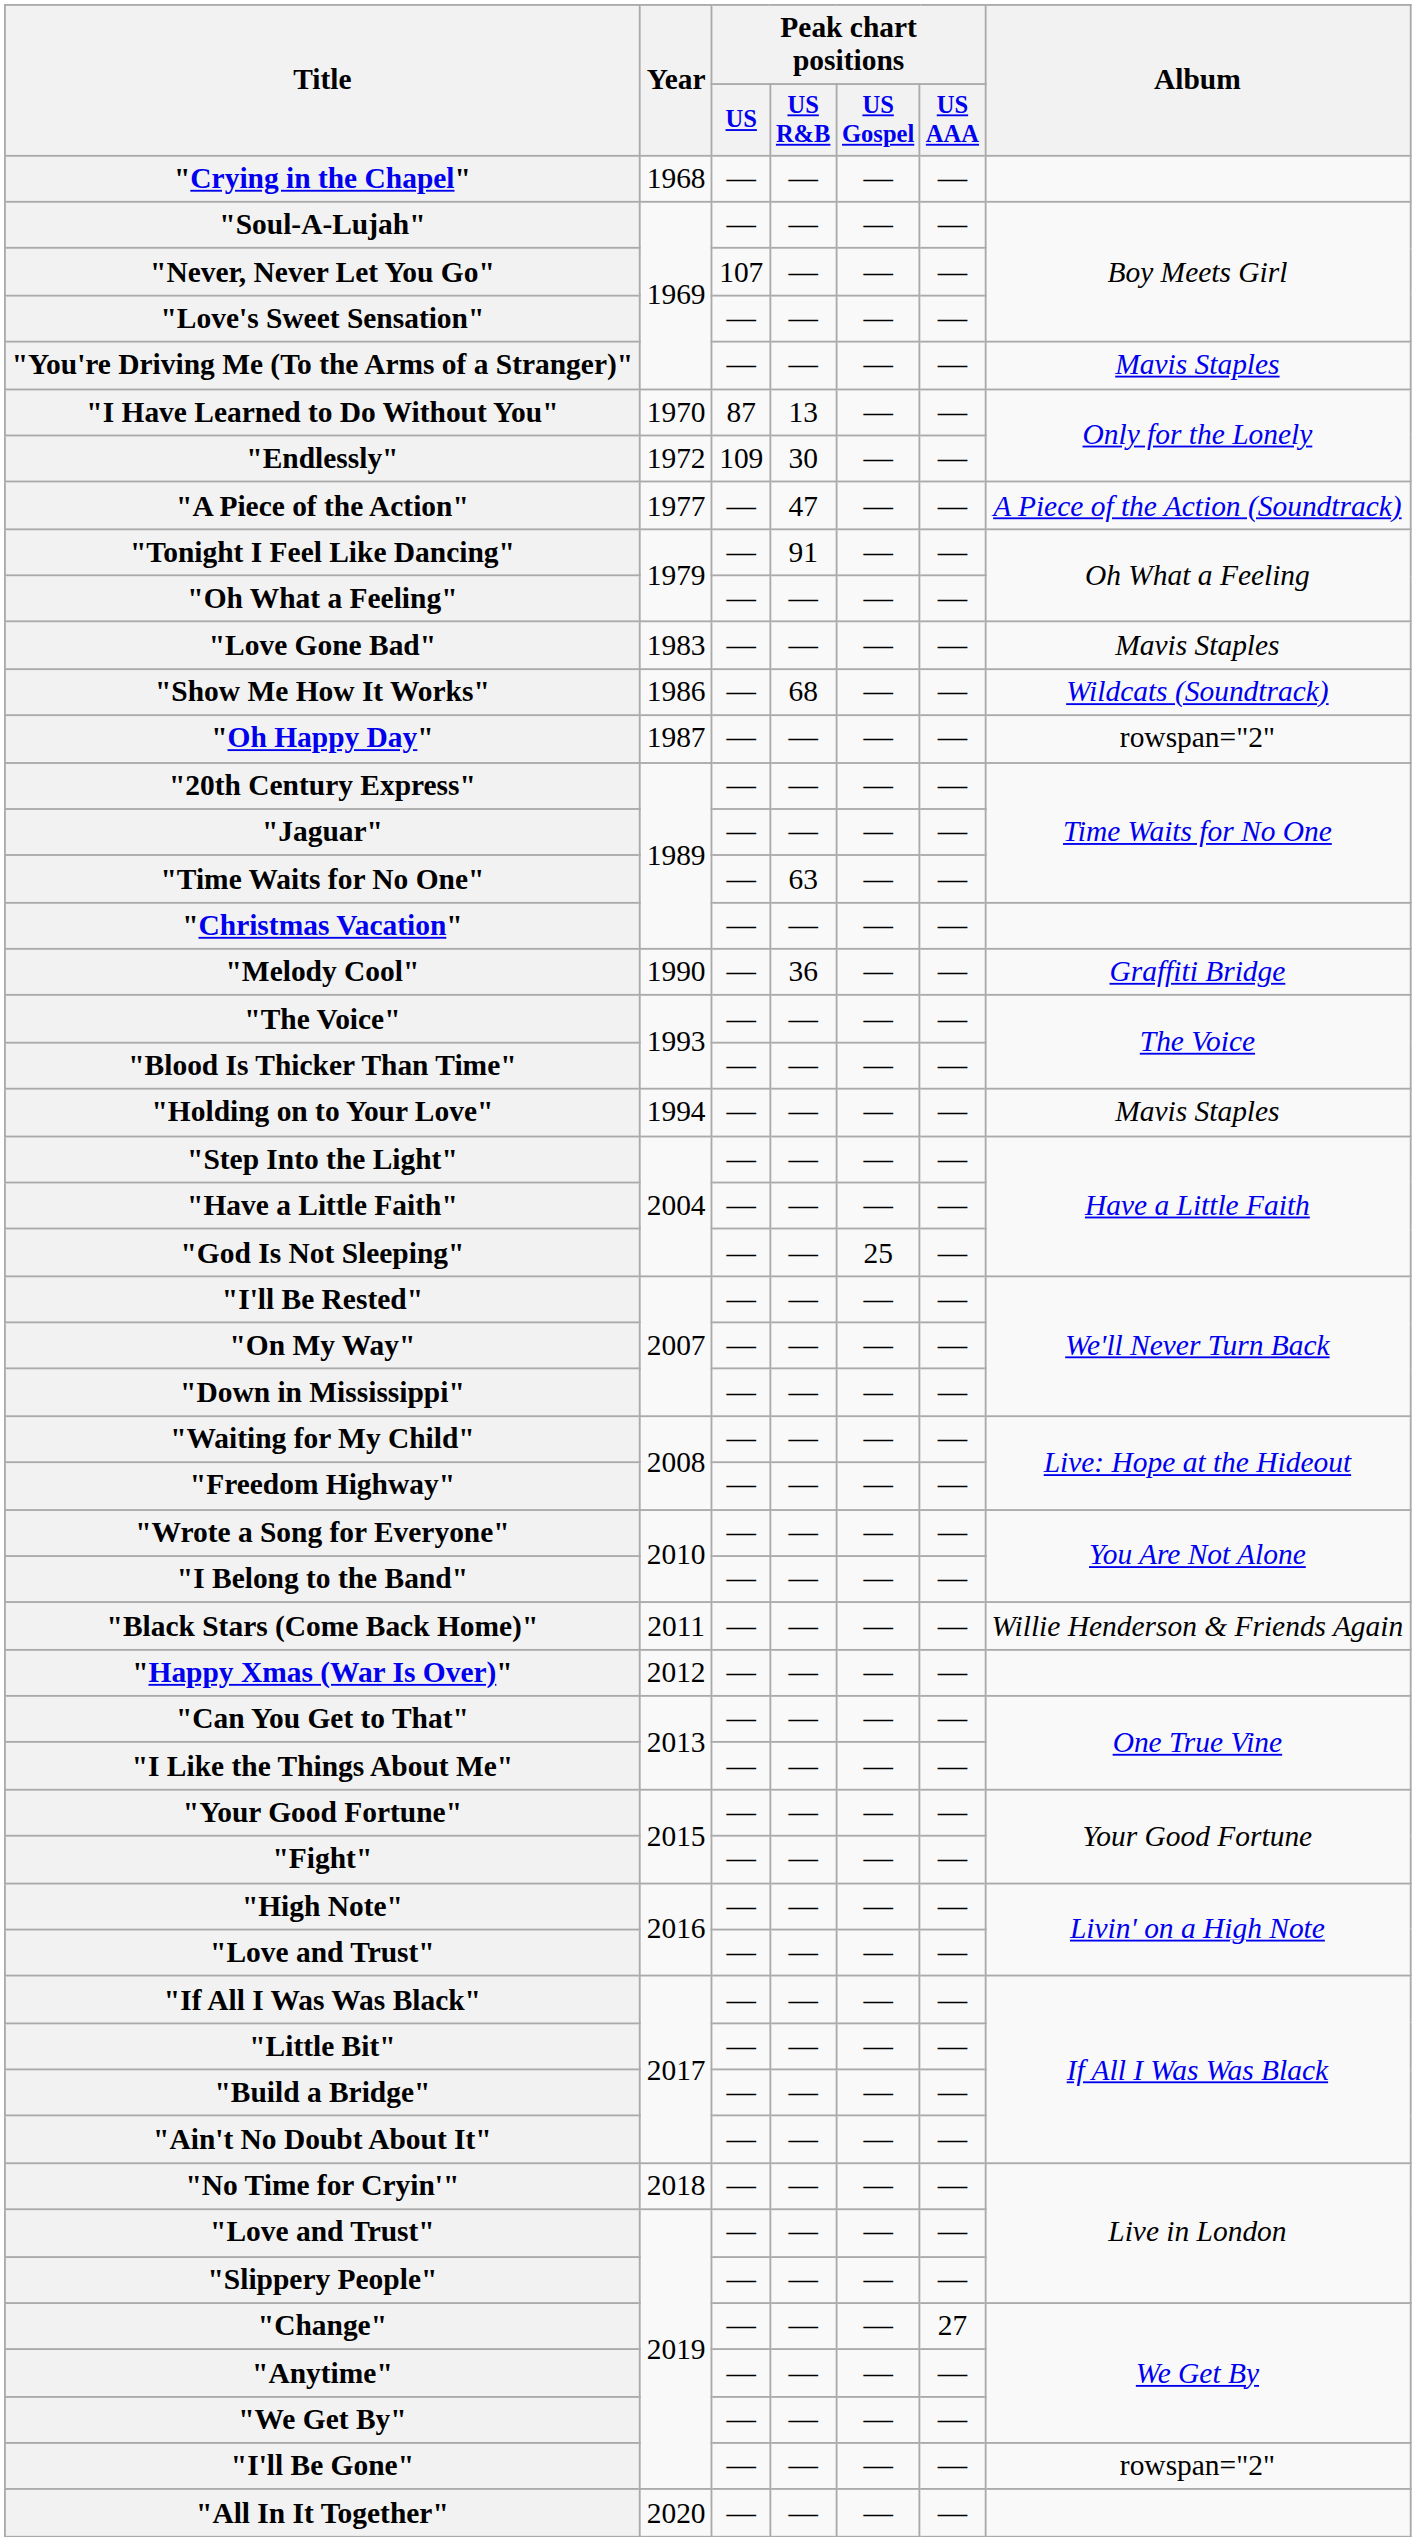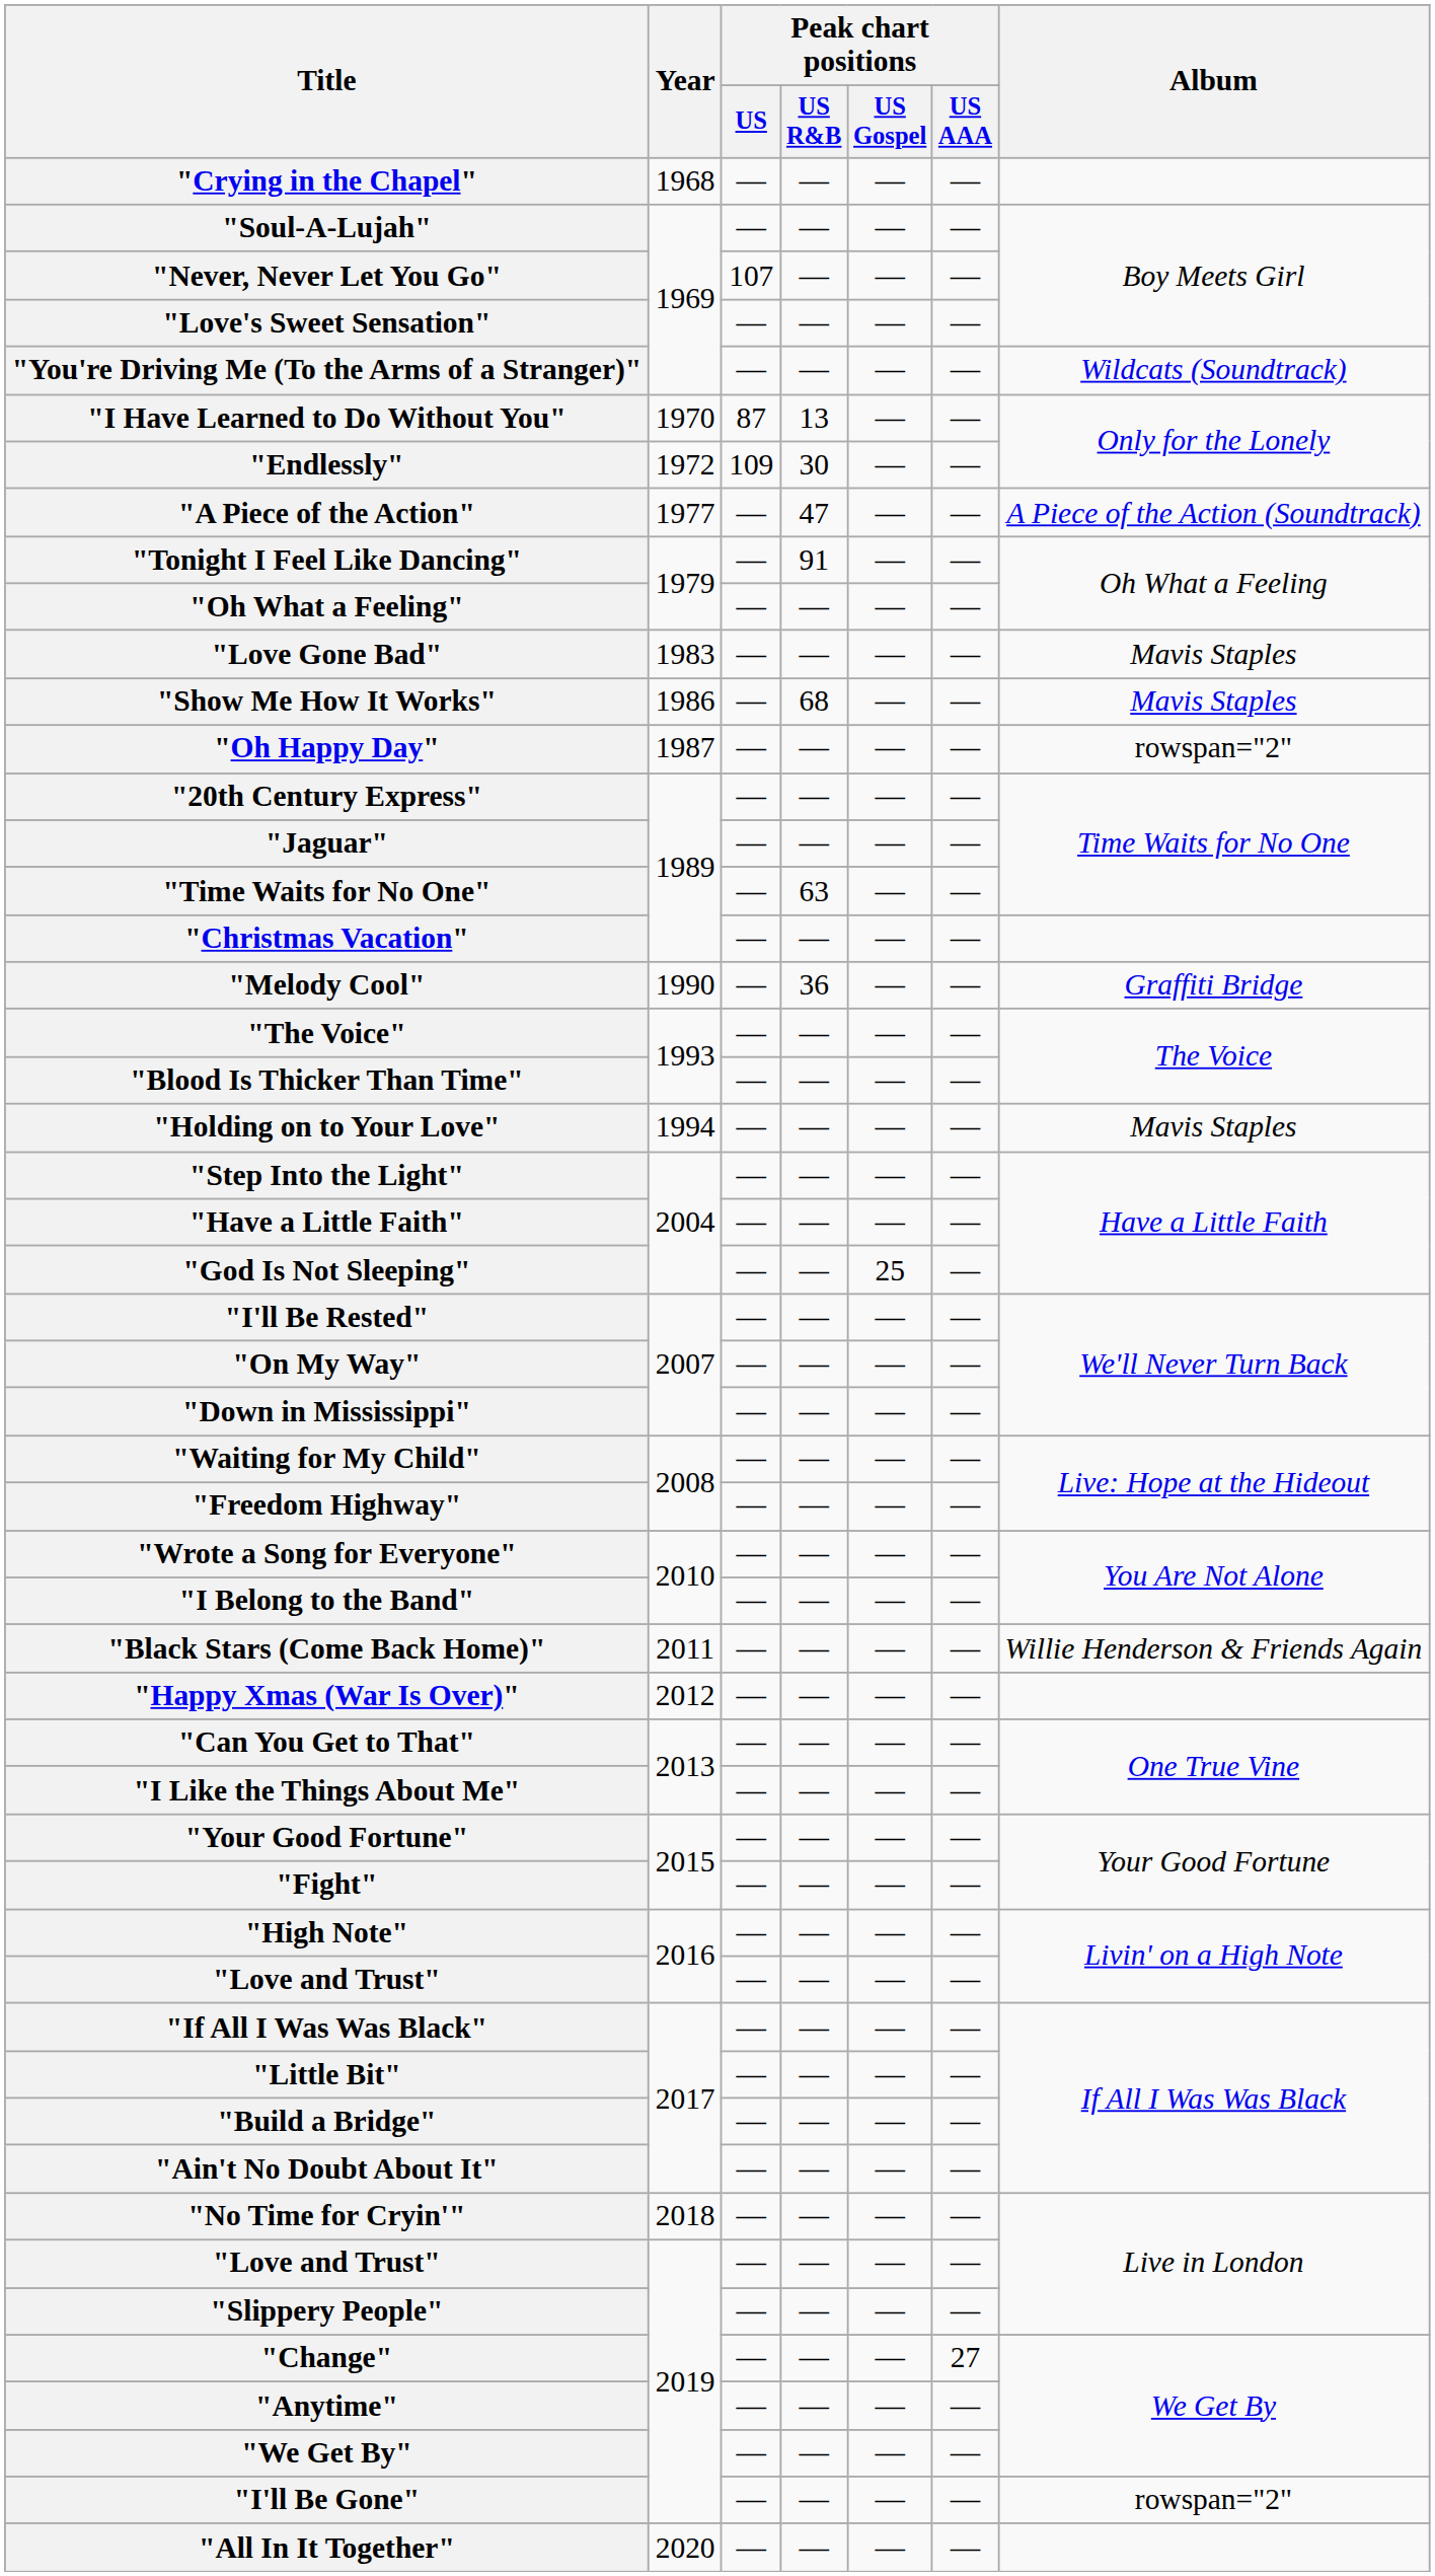 <table class="wikitable plainrowheaders" style="text-align:center;">
 <tr>
 <th rowspan = "2">Title</th>
 <th rowspan = "2">Year</th>
 <th colspan = "4">Peak chart<br>positions</th>
 <th rowspan = "2">Album</th>
 </tr>
 <tr style="font-size:smaller;">
 <th><a href='#'>US</a><br></th>
 <th><a href='#'>US<br>R&B</a><br></th>
 <th><a href='#'>US<br>Gospel</a><br></th>
 <th><a href='#'>US<br>AAA</a><br></th>
 </tr>
 <tr>
 <th scope = "row">"<a href='#'>Crying in the Chapel</a>" </th>
 <td>1968</td>
 <td>—</td>
 <td>—</td>
 <td>—</td>
 <td>—</td>
 <td></td>
 </tr>
 <tr>
 <th scope = "row">"Soul-A-Lujah" </th>
 <td rowspan = "4">1969</td>
 <td>—</td>
 <td>—</td>
 <td>—</td>
 <td>—</td>
 <td rowspan = "3"><em>Boy Meets Girl</em></td>
 </tr>
 <tr>
 <th scope = "row">"Never, Never Let You Go" </th>
 <td>107</td>
 <td>—</td>
 <td>—</td>
 <td>—</td>
 </tr>
 <tr>
 <th scope = "row">"Love's Sweet Sensation" </th>
 <td>—</td>
 <td>—</td>
 <td>—</td>
 <td>—</td>
 </tr>
 <tr>
 <th scope = "row">"You're Driving Me (To the Arms of a Stranger)"</th>
 <td>—</td>
 <td>—</td>
 <td>—</td>
 <td>—</td>
-<td><em><a href='#'>Mavis Staples</a></em></td>
+<td><em><a href='#'>Wildcats (Soundtrack)</a></em></td>
 </tr>
 <tr>
 <th scope = "row">"I Have Learned to Do Without You"</th>
 <td>1970</td>
 <td>87</td>
 <td>13</td>
 <td>—</td>
 <td>—</td>
 <td rowspan = "2"><em><a href='#'>Only for the Lonely</a></em></td>
 </tr>
 <tr>
 <th scope = "row">"Endlessly"</th>
 <td>1972</td>
 <td>109</td>
 <td>30</td>
 <td>—</td>
 <td>—</td>
 </tr>
 <tr>
 <th scope = "row">"A Piece of the Action"</th>
 <td>1977</td>
 <td>—</td>
 <td>47</td>
 <td>—</td>
 <td>—</td>
 <td><em><a href='#'>A Piece of the Action (Soundtrack)</a></em></td>
 </tr>
 <tr>
 <th scope = "row">"Tonight I Feel Like Dancing"</th>
 <td rowspan = "2">1979</td>
 <td>—</td>
 <td>91</td>
 <td>—</td>
 <td>—</td>
 <td rowspan = "2"><em>Oh What a Feeling</em></td>
 </tr>
 <tr>
 <th scope = "row">"Oh What a Feeling"</th>
 <td>—</td>
 <td>—</td>
 <td>—</td>
 <td>—</td>
 </tr>
 <tr>
 <th scope = "row">"Love Gone Bad"</th>
 <td>1983</td>
 <td>—</td>
 <td>—</td>
 <td>—</td>
 <td>—</td>
 <td><em>Mavis Staples</em></td>
 </tr>
 <tr>
 <th scope = "row">"Show Me How It Works"</th>
 <td>1986</td>
 <td>—</td>
 <td>68</td>
 <td>—</td>
 <td>—</td>
-<td><em><a href='#'>Wildcats (Soundtrack)</a></em></td>
+<td><em><a href='#'>Mavis Staples</a></em></td>
 </tr>
 <tr>
 <th scope = "row">"<a href='#'>Oh Happy Day</a>" </th>
 <td>1987</td>
 <td>—</td>
 <td>—</td>
 <td>—</td>
 <td>—</td>
 <td>rowspan="2" </td>
 </tr>
 <tr>
 <th scope = "row">"20th Century Express"</th>
 <td rowspan = "4">1989</td>
 <td>—</td>
 <td>—</td>
 <td>—</td>
 <td>—</td>
 <td rowspan = "3"><em><a href='#'>Time Waits for No One</a></em></td>
 </tr>
 <tr>
 <th scope = "row">"Jaguar"</th>
 <td>—</td>
 <td>—</td>
 <td>—</td>
 <td>—</td>
 </tr>
 <tr>
 <th scope = "row">"Time Waits for No One"</th>
 <td>—</td>
 <td>63</td>
 <td>—</td>
 <td>—</td>
 </tr>
 <tr>
 <th scope = "row">"<a href='#'>Christmas Vacation</a>"</th>
 <td>—</td>
 <td>—</td>
 <td>—</td>
 <td>—</td>
 <td></td>
 </tr>
 <tr>
 <th scope = "row">"Melody Cool"</th>
 <td>1990</td>
 <td>—</td>
 <td>36</td>
 <td>—</td>
 <td>—</td>
 <td><em><a href='#'>Graffiti Bridge</a></em></td>
 </tr>
 <tr>
 <th scope = "row">"The Voice"</th>
 <td rowspan = "2">1993</td>
 <td>—</td>
 <td>—</td>
 <td>—</td>
 <td>—</td>
 <td rowspan = "2"><em><a href='#'>The Voice</a></em></td>
 </tr>
 <tr>
 <th scope = "row">"Blood Is Thicker Than Time"</th>
 <td>—</td>
 <td>—</td>
 <td>—</td>
 <td>—</td>
 </tr>
 <tr>
 <th scope = "row">"Holding on to Your Love"</th>
 <td>1994</td>
 <td>—</td>
 <td>—</td>
 <td>—</td>
 <td>—</td>
 <td><em>Mavis Staples</em></td>
 </tr>
 <tr>
 <th scope = "row">"Step Into the Light"</th>
 <td rowspan = "3">2004</td>
 <td>—</td>
 <td>—</td>
 <td>—</td>
 <td>—</td>
 <td rowspan = "3"><em><a href='#'>Have a Little Faith</a></em></td>
 </tr>
 <tr>
 <th scope = "row">"Have a Little Faith"</th>
 <td>—</td>
 <td>—</td>
 <td>—</td>
 <td>—</td>
 </tr>
 <tr>
 <th scope = "row">"God Is Not Sleeping"</th>
 <td>—</td>
 <td>—</td>
 <td>25</td>
 <td>—</td>
 </tr>
 <tr>
 <th scope = "row">"I'll Be Rested"</th>
 <td rowspan = "3">2007</td>
 <td>—</td>
 <td>—</td>
 <td>—</td>
 <td>—</td>
 <td rowspan = "3"><em><a href='#'>We'll Never Turn Back</a></em></td>
 </tr>
 <tr>
 <th scope = "row">"On My Way"</th>
 <td>—</td>
 <td>—</td>
 <td>—</td>
 <td>—</td>
 </tr>
 <tr>
 <th scope = "row">"Down in Mississippi"</th>
 <td>—</td>
 <td>—</td>
 <td>—</td>
 <td>—</td>
 </tr>
 <tr>
 <th scope = "row">"Waiting for My Child" </th>
 <td rowspan = "2">2008</td>
 <td>—</td>
 <td>—</td>
 <td>—</td>
 <td>—</td>
 <td rowspan = "2"><em><a href='#'>Live: Hope at the Hideout</a></em></td>
 </tr>
 <tr>
 <th scope = "row">"Freedom Highway" </th>
 <td>—</td>
 <td>—</td>
 <td>—</td>
 <td>—</td>
 </tr>
 <tr>
 <th scope = "row">"Wrote a Song for Everyone"</th>
 <td rowspan = "2">2010</td>
 <td>—</td>
 <td>—</td>
 <td>—</td>
 <td>—</td>
 <td rowspan = "2"><em><a href='#'>You Are Not Alone</a></em></td>
 </tr>
 <tr>
 <th scope = "row">"I Belong to the Band"</th>
 <td>—</td>
 <td>—</td>
 <td>—</td>
 <td>—</td>
 </tr>
 <tr>
 <th scope = "row">"Black Stars (Come Back Home)"</th>
 <td>2011</td>
 <td>—</td>
 <td>—</td>
 <td>—</td>
 <td>—</td>
 <td><em>Willie Henderson & Friends Again</em></td>
 </tr>
 <tr>
 <th scope = "row">"<a href='#'>Happy Xmas (War Is Over)</a>" </th>
 <td>2012</td>
 <td>—</td>
 <td>—</td>
 <td>—</td>
 <td>—</td>
 <td></td>
 </tr>
 <tr>
 <th scope = "row">"Can You Get to That"</th>
 <td rowspan = "2">2013</td>
 <td>—</td>
 <td>—</td>
 <td>—</td>
 <td>—</td>
 <td rowspan = "2"><em><a href='#'>One True Vine</a></em></td>
 </tr>
 <tr>
 <th scope = "row">"I Like the Things About Me"</th>
 <td>—</td>
 <td>—</td>
 <td>—</td>
 <td>—</td>
 </tr>
 <tr>
 <th scope = "row">"Your Good Fortune"</th>
 <td rowspan = "2">2015</td>
 <td>—</td>
 <td>—</td>
 <td>—</td>
 <td>—</td>
 <td rowspan = "2"><em>Your Good Fortune</em></td>
 </tr>
 <tr>
 <th scope = "row">"Fight"</th>
 <td>—</td>
 <td>—</td>
 <td>—</td>
 <td>—</td>
 </tr>
 <tr>
 <th scope = "row">"High Note"</th>
 <td rowspan = "2">2016</td>
 <td>—</td>
 <td>—</td>
 <td>—</td>
 <td>—</td>
 <td rowspan = "2"><em><a href='#'>Livin' on a High Note</a></em></td>
 </tr>
 <tr>
 <th scope = "row">"Love and Trust"</th>
 <td>—</td>
 <td>—</td>
 <td>—</td>
 <td>—</td>
 </tr>
 <tr>
 <th scope = "row">"If All I Was Was Black"</th>
 <td rowspan = "4">2017</td>
 <td>—</td>
 <td>—</td>
 <td>—</td>
 <td>—</td>
 <td rowspan = "4"><em><a href='#'>If All I Was Was Black</a></em></td>
 </tr>
 <tr>
 <th scope = "row">"Little Bit"</th>
 <td>—</td>
 <td>—</td>
 <td>—</td>
 <td>—</td>
 </tr>
 <tr>
 <th scope = "row">"Build a Bridge"</th>
 <td>—</td>
 <td>—</td>
 <td>—</td>
 <td>—</td>
 </tr>
 <tr>
 <th scope = "row">"Ain't No Doubt About It" </th>
 <td>—</td>
 <td>—</td>
 <td>—</td>
 <td>—</td>
 </tr>
 <tr>
 <th scope = "row">"No Time for Cryin'" </th>
 <td>2018</td>
 <td>—</td>
 <td>—</td>
 <td>—</td>
 <td>—</td>
 <td rowspan = "3"><em>Live in London</em></td>
 </tr>
 <tr>
 <th scope = "row">"Love and Trust" </th>
 <td rowspan = "6">2019</td>
 <td>—</td>
 <td>—</td>
 <td>—</td>
 <td>—</td>
 </tr>
 <tr>
 <th scope = "row">"Slippery People" </th>
 <td>—</td>
 <td>—</td>
 <td>—</td>
 <td>—</td>
 </tr>
 <tr>
 <th scope = "row">"Change"</th>
 <td>—</td>
 <td>—</td>
 <td>—</td>
 <td>27</td>
 <td rowspan = "3"><em><a href='#'>We Get By</a></em></td>
 </tr>
 <tr>
 <th scope = "row">"Anytime"</th>
 <td>—</td>
 <td>—</td>
 <td>—</td>
 <td>—</td>
 </tr>
 <tr>
 <th scope = "row">"We Get By" </th>
 <td>—</td>
 <td>—</td>
 <td>—</td>
 <td>—</td>
 </tr>
 <tr>
 <th scope = "row">"I'll Be Gone" </th>
 <td>—</td>
 <td>—</td>
 <td>—</td>
 <td>—</td>
 <td>rowspan="2" </td>
 </tr>
 <tr>
 <th scope = "row">"All In It Together"</th>
 <td>2020</td>
 <td>—</td>
 <td>—</td>
 <td>—</td>
 <td>—</td>
 </tr>
 </table>
